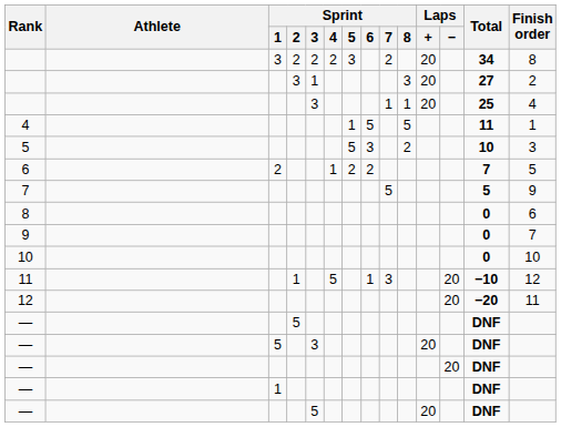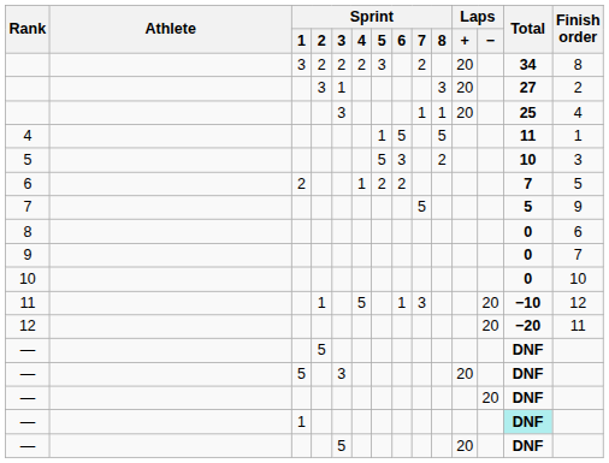 <table class="wikitable" style="text-align:center">
 <tr>
 <th rowspan=2 width=40>Rank</th>
 <th rowspan=2 width=250>Athlete</th>
 <th colspan=8>Sprint</th>
 <th colspan=2>Laps</th>
 <th rowspan=2 width=45>Total</th>
 <th rowspan=2 width=45>Finish order</th>
 </tr>
 <tr>
 <th width=14>1</th>
 <th width=14>2</th>
 <th width=14>3</th>
 <th width=14>4</th>
 <th width=14>5</th>
 <th width=14>6</th>
 <th width=14>7</th>
 <th width=14>8</th>
 <th width=20>+</th>
 <th width=20>−</th>
 </tr>
 <tr>
 <td></td>
 <td align=left></td>
 <td>3</td>
 <td>2</td>
 <td>2</td>
 <td>2</td>
 <td>3</td>
 <td></td>
 <td>2</td>
 <td></td>
 <td>20</td>
 <td></td>
 <td><strong>34</strong></td>
 <td>8</td>
 </tr>
 <tr>
 <td></td>
 <td align=left></td>
 <td></td>
 <td>3</td>
 <td>1</td>
 <td></td>
 <td></td>
 <td></td>
 <td></td>
 <td>3</td>
 <td>20</td>
 <td></td>
 <td><strong>27</strong></td>
 <td>2</td>
 </tr>
 <tr>
 <td></td>
 <td align=left></td>
 <td></td>
 <td></td>
 <td>3</td>
 <td></td>
 <td></td>
 <td></td>
 <td>1</td>
 <td>1</td>
 <td>20</td>
 <td></td>
 <td><strong>25</strong></td>
 <td>4</td>
 </tr>
 <tr>
 <td>4</td>
 <td align=left></td>
 <td></td>
 <td></td>
 <td></td>
 <td></td>
 <td>1</td>
 <td>5</td>
 <td></td>
 <td>5</td>
 <td></td>
 <td></td>
 <td><strong>11</strong></td>
 <td>1</td>
 </tr>
 <tr>
 <td>5</td>
 <td align=left></td>
 <td></td>
 <td></td>
 <td></td>
 <td></td>
 <td>5</td>
 <td>3</td>
 <td></td>
 <td>2</td>
 <td></td>
 <td></td>
 <td><strong>10</strong></td>
 <td>3</td>
 </tr>
 <tr>
 <td>6</td>
 <td align=left></td>
 <td>2</td>
 <td></td>
 <td></td>
 <td>1</td>
 <td>2</td>
 <td>2</td>
 <td></td>
 <td></td>
 <td></td>
 <td></td>
 <td><strong>7</strong></td>
 <td>5</td>
 </tr>
 <tr>
 <td>7</td>
 <td align=left></td>
 <td></td>
 <td></td>
 <td></td>
 <td></td>
 <td></td>
 <td></td>
 <td>5</td>
 <td></td>
 <td></td>
 <td></td>
 <td><strong>5</strong></td>
 <td>9</td>
 </tr>
 <tr>
 <td>8</td>
 <td align=left></td>
 <td></td>
 <td></td>
 <td></td>
 <td></td>
 <td></td>
 <td></td>
 <td></td>
 <td></td>
 <td></td>
 <td></td>
 <td><strong>0</strong></td>
 <td>6</td>
 </tr>
 <tr>
 <td>9</td>
 <td align=left></td>
 <td></td>
 <td></td>
 <td></td>
 <td></td>
 <td></td>
 <td></td>
 <td></td>
 <td></td>
 <td></td>
 <td></td>
 <td><strong>0</strong></td>
 <td>7</td>
 </tr>
 <tr>
 <td>10</td>
 <td align=left></td>
 <td></td>
 <td></td>
 <td></td>
 <td></td>
 <td></td>
 <td></td>
 <td></td>
 <td></td>
 <td></td>
 <td></td>
 <td><strong>0</strong></td>
 <td>10</td>
 </tr>
 <tr>
 <td>11</td>
 <td align=left></td>
 <td></td>
 <td>1</td>
 <td></td>
 <td>5</td>
 <td></td>
 <td>1</td>
 <td>3</td>
 <td></td>
 <td></td>
 <td>20</td>
 <td><strong>−10</strong></td>
 <td>12</td>
 </tr>
 <tr>
 <td>12</td>
 <td align=left></td>
 <td></td>
 <td></td>
 <td></td>
 <td></td>
 <td></td>
 <td></td>
 <td></td>
 <td></td>
 <td></td>
 <td>20</td>
 <td><strong>−20</strong></td>
 <td>11</td>
 </tr>
 <tr>
 <td>—</td>
 <td align=left></td>
 <td></td>
 <td>5</td>
 <td></td>
 <td></td>
 <td></td>
 <td></td>
 <td></td>
 <td></td>
 <td></td>
 <td></td>
 <td><strong>DNF</strong></td>
 <td></td>
 </tr>
 <tr>
 <td>—</td>
 <td align=left></td>
 <td>5</td>
 <td></td>
 <td>3</td>
 <td></td>
 <td></td>
 <td></td>
 <td></td>
 <td></td>
 <td>20</td>
 <td></td>
 <td><strong>DNF</strong></td>
 <td></td>
 </tr>
 <tr>
 <td>—</td>
 <td align=left></td>
 <td></td>
 <td></td>
 <td></td>
 <td></td>
 <td></td>
 <td></td>
 <td></td>
 <td></td>
 <td></td>
 <td>20</td>
 <td><strong>DNF</strong></td>
 <td></td>
 </tr>
 <tr>
 <td>—</td>
 <td align=left></td>
 <td>1</td>
 <td></td>
 <td></td>
 <td></td>
 <td></td>
 <td></td>
 <td></td>
 <td></td>
 <td></td>
 <td></td>
-<td><strong>DNF</strong></td>
+<td style="background: paleturquoise;"><strong>DNF</strong></td>
 <td></td>
 </tr>
 <tr>
 <td>—</td>
 <td align=left></td>
 <td></td>
 <td></td>
 <td>5</td>
 <td></td>
 <td></td>
 <td></td>
 <td></td>
 <td></td>
 <td>20</td>
 <td></td>
 <td><strong>DNF</strong></td>
 <td></td>
 </tr>
 </table>
